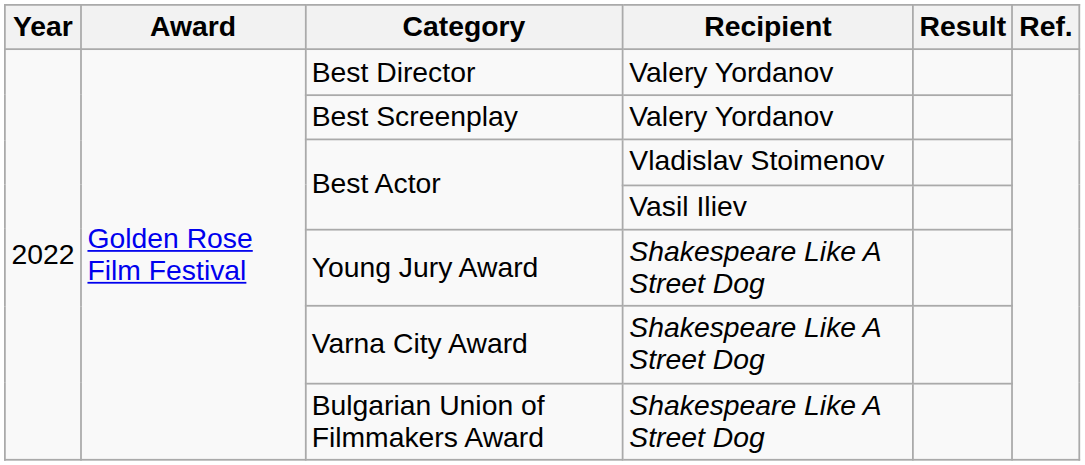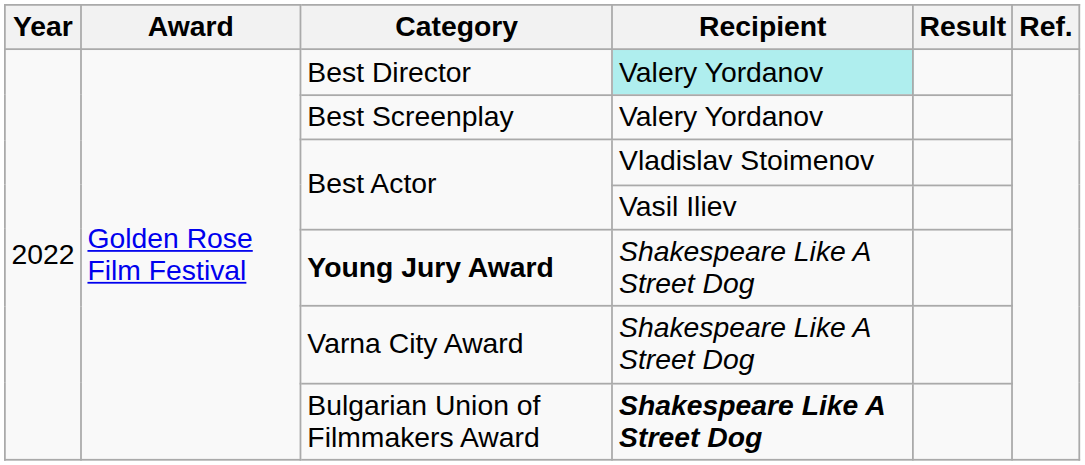 <table class="wikitable">
 <tr>
 <th>Year</th>
 <th>Award</th>
 <th>Category</th>
 <th>Recipient</th>
 <th>Result</th>
 <th>Ref.</th>
 </tr>
 <tr>
 <td rowspan="7">2022</td>
 <td rowspan="7"><a href='#'>Golden Rose Film Festival</a></td>
 <td>Best Director</td>
-<td>Valery Yordanov</td>
+<td style="background: paleturquoise;">Valery Yordanov</td>
 <td></td>
 <td rowspan="7"></td>
 </tr>
 <tr>
 <td>Best Screenplay</td>
 <td>Valery Yordanov</td>
 <td></td>
 </tr>
 <tr>
 <td rowspan="2">Best Actor</td>
 <td>Vladislav Stoimenov</td>
 <td></td>
 </tr>
 <tr>
 <td>Vasil Iliev</td>
 <td></td>
 </tr>
 <tr>
-<td>Young Jury Award</td>
+<td><strong>Young Jury Award</strong></td>
 <td><em>Shakespeare Like A Street Dog</em></td>
 <td></td>
 </tr>
 <tr>
 <td>Varna City Award</td>
 <td><em>Shakespeare Like A Street Dog</em></td>
 <td></td>
 </tr>
 <tr>
 <td>Bulgarian Union of Filmmakers Award</td>
-<td><em>Shakespeare Like A Street Dog</em></td>
+<td><strong><em>Shakespeare Like A Street Dog</em></strong></td>
 <td></td>
 </tr>
 </table>
